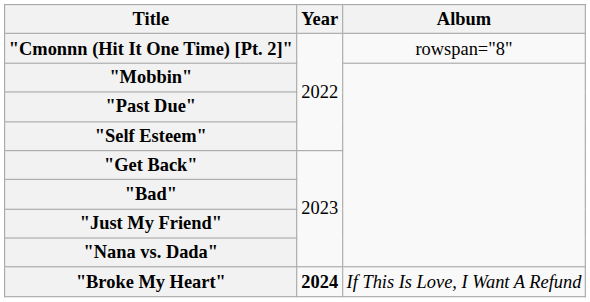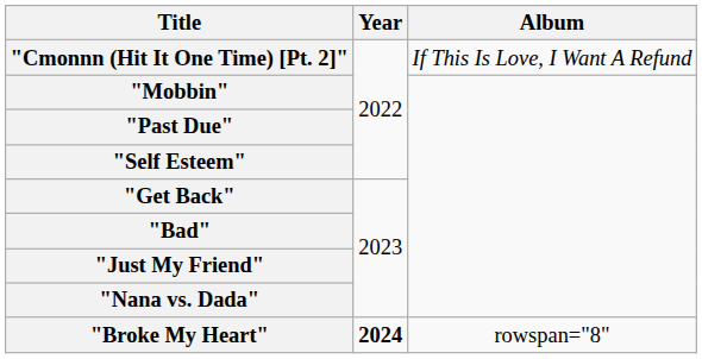 <table class="wikitable plainrowheaders" style="text-align:center;">
 <tr>
 <th scope="col">Title</th>
 <th scope="col">Year</th>
 <th scope="col">Album</th>
 </tr>
 <tr>
 <th scope="row">"Cmonnn (Hit It One Time) [Pt. 2]"<br></th>
 <td rowspan="4">2022</td>
-<td>rowspan="8" </td>
+<td><em>If This Is Love, I Want A Refund</em></td>
 </tr>
 <tr>
 <th scope="row">"Mobbin"<br></th>
 </tr>
 <tr>
 <th scope="row">"Past Due"<br></th>
 </tr>
 <tr>
 <th scope="row">"Self Esteem"<br></th>
 </tr>
 <tr>
 <th scope="row">"Get Back"<br></th>
 <td rowspan="4">2023</td>
 </tr>
 <tr>
 <th scope="row">"Bad"<br></th>
 </tr>
 <tr>
 <th scope="row">"Just My Friend"<br></th>
 </tr>
 <tr>
 <th scope="row">"Nana vs. Dada"<br></th>
 </tr>
 <tr>
 <th scope="row">"Broke My Heart"<br></th>
 <td><strong>2024</strong></td>
-<td><em>If This Is Love, I Want A Refund</em></td>
+<td>rowspan="8" </td>
 </tr>
 </table>
